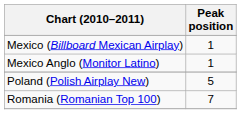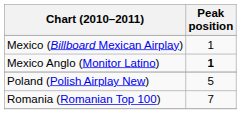 <table class="wikitable sortable">
 <tr>
 <th>Chart (2010–2011)</th>
 <th>Peak<br>position</th>
 </tr>
 <tr>
 </tr>
 <tr>
 </tr>
 <tr>
 </tr>
 <tr>
 </tr>
 <tr>
 </tr>
 <tr>
 </tr>
 <tr>
 </tr>
 <tr>
 </tr>
 <tr>
 </tr>
 <tr>
 </tr>
 <tr>
 </tr>
 <tr>
 </tr>
 <tr>
 </tr>
 <tr>
 <td>Mexico (<a href='#'><em>Billboard</em> Mexican Airplay</a>)</td>
 <td style="text-align:center;">1</td>
 </tr>
 <tr>
 <td>Mexico Anglo (<a href='#'>Monitor Latino</a>)</td>
-<td style="text-align:center;">1</td>
+<td style="text-align:center;"><strong>1</strong></td>
 </tr>
 <tr>
 </tr>
 <tr>
 </tr>
 <tr>
 </tr>
 <tr>
 </tr>
 <tr>
 </tr>
 <tr>
 <td>Poland (<a href='#'>Polish Airplay New</a>)</td>
 <td align="center">5</td>
 </tr>
 <tr>
 <td>Romania (<a href='#'>Romanian Top 100</a>)</td>
 <td style="text-align:center;">7</td>
 </tr>
 <tr>
 </tr>
 <tr>
 </tr>
 <tr>
 </tr>
 <tr>
 </tr>
 <tr>
 </tr>
 <tr>
 </tr>
 <tr>
 </tr>
 <tr>
 </tr>
 <tr>
 </tr>
 <tr>
 </tr>
 <tr>
 </tr>
 </table>
